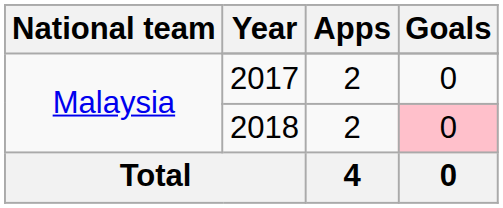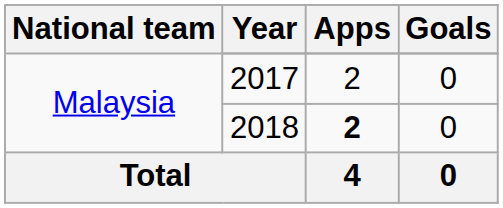 <table class=wikitable style="text-align: center;">
 <tr>
 <th>National team</th>
 <th>Year</th>
 <th>Apps</th>
 <th>Goals</th>
 </tr>
 <tr>
 <td rowspan=3><a href='#'>Malaysia</a></td>
 </tr>
 <tr>
 <td>2017</td>
 <td>2</td>
 <td>0</td>
 </tr>
 <tr>
 <td>2018</td>
-<td>2</td>
-<td style="background: pink;">0</td>
+<td><strong>2</strong></td>
+<td>0</td>
 </tr>
 <tr>
 <th colspan=2>Total</th>
 <th>4</th>
 <th>0</th>
 </tr>
 </table>
